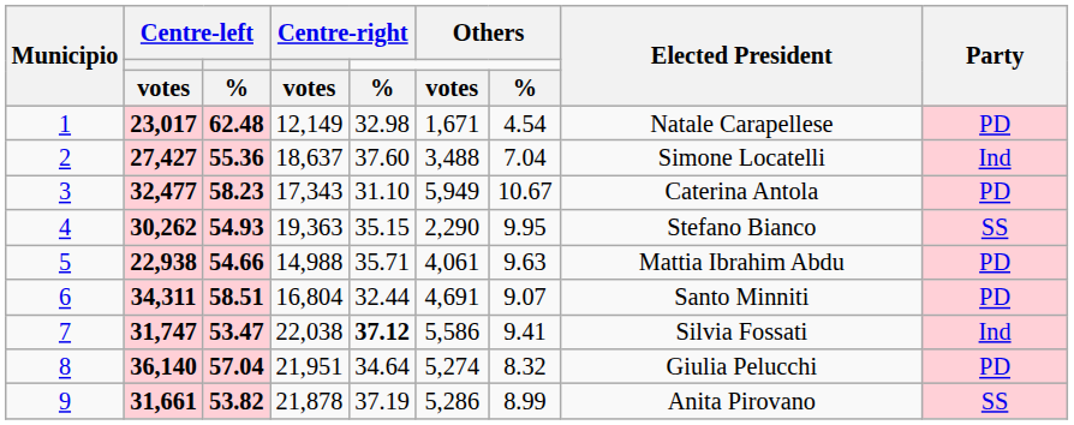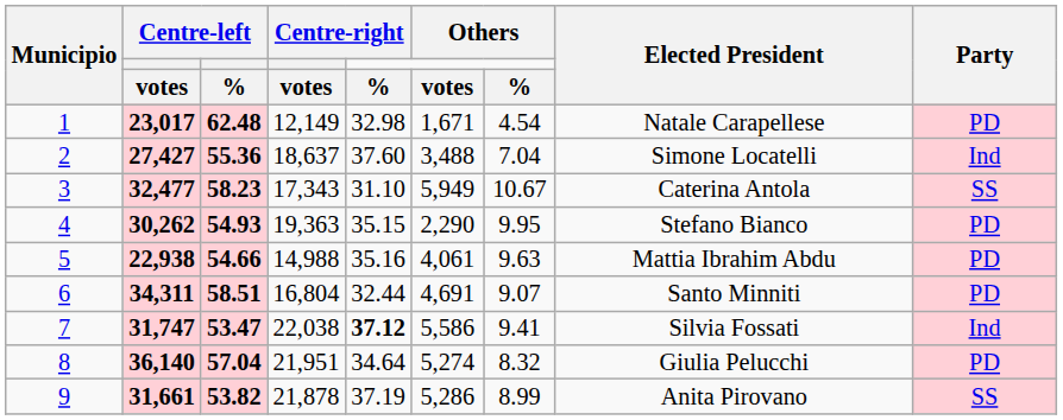 <table class="wikitable" style="text-align:center;font-size:85%;line-height:13px">
 <tr style="height:30px; background-color:#E9E9E9">
 <th style="width:50px;" rowspan="3">Municipio</th>
 <th style="width:75px;" colspan="2"><a href='#'>Centre-left</a></th>
 <th style="width:75px;" colspan="2"><a href='#'>Centre-right</a></th>
 <th style="width:75px;" colspan="2">Others</th>
 <th style="width:195px;" rowspan="3">Elected President</th>
 <th style="width:75px;" rowspan="3">Party</th>
 </tr>
 <tr>
 <th style="background:"></th>
 <th style="background:"></th>
 <th style="background:"></th>
 </tr>
 <tr>
 <th>votes</th>
 <th>%</th>
 <th>votes</th>
 <th>%</th>
 <th>votes</th>
 <th>%</th>
 </tr>
 <tr>
 <td><a href='#'>1</a></td>
 <td style="background:#FFD0D7"><strong>23,017</strong></td>
 <td style="background:#FFD0D7"><strong>62.48</strong></td>
 <td>12,149</td>
 <td>32.98</td>
 <td>1,671</td>
 <td>4.54</td>
 <td>Natale Carapellese</td>
 <td style="background:#FFD0D7"><a href='#'>PD</a></td>
 </tr>
 <tr>
 <td><a href='#'>2</a></td>
 <td style="background:#FFD0D7"><strong>27,427</strong></td>
 <td style="background:#FFD0D7"><strong>55.36</strong></td>
 <td>18,637</td>
 <td>37.60</td>
 <td>3,488</td>
 <td>7.04</td>
 <td>Simone Locatelli</td>
 <td style="background:#FFD0D7"><a href='#'>Ind</a></td>
 </tr>
 <tr>
 <td><a href='#'>3</a></td>
 <td style="background:#FFD0D7"><strong>32,477</strong></td>
 <td style="background:#FFD0D7"><strong>58.23</strong></td>
 <td>17,343</td>
 <td>31.10</td>
 <td>5,949</td>
 <td>10.67</td>
 <td>Caterina Antola</td>
-<td style="background:#FFD0D7"><a href='#'>PD</a></td>
+<td style="background:#FFD0D7"><a href='#'>SS</a></td>
 </tr>
 <tr>
 <td><a href='#'>4</a></td>
 <td style="background:#FFD0D7"><strong>30,262</strong></td>
 <td style="background:#FFD0D7"><strong>54.93</strong></td>
 <td>19,363</td>
 <td>35.15</td>
 <td>2,290</td>
 <td>9.95</td>
 <td>Stefano Bianco</td>
-<td style="background:#FFD0D7"><a href='#'>SS</a></td>
+<td style="background:#FFD0D7"><a href='#'>PD</a></td>
 </tr>
 <tr>
 <td><a href='#'>5</a></td>
 <td style="background:#FFD0D7"><strong>22,938</strong></td>
 <td style="background:#FFD0D7"><strong>54.66</strong></td>
 <td>14,988</td>
-<td>35.71</td>
+<td>35.16</td>
 <td>4,061</td>
 <td>9.63</td>
 <td>Mattia Ibrahim Abdu</td>
 <td style="background:#FFD0D7"><a href='#'>PD</a></td>
 </tr>
 <tr>
 <td><a href='#'>6</a></td>
 <td style="background:#FFD0D7"><strong>34,311</strong></td>
 <td style="background:#FFD0D7"><strong>58.51</strong></td>
 <td>16,804</td>
 <td>32.44</td>
 <td>4,691</td>
 <td>9.07</td>
 <td>Santo Minniti</td>
 <td style="background:#FFD0D7"><a href='#'>PD</a></td>
 </tr>
 <tr>
 <td><a href='#'>7</a></td>
 <td style="background:#FFD0D7"><strong>31,747</strong></td>
 <td style="background:#FFD0D7"><strong>53.47</strong></td>
 <td>22,038</td>
 <td><strong>37.12</strong></td>
 <td>5,586</td>
 <td>9.41</td>
 <td>Silvia Fossati</td>
 <td style="background:#FFD0D7"><a href='#'>Ind</a></td>
 </tr>
 <tr>
 <td><a href='#'>8</a></td>
 <td style="background:#FFD0D7"><strong>36,140</strong></td>
 <td style="background:#FFD0D7"><strong>57.04</strong></td>
 <td>21,951</td>
 <td>34.64</td>
 <td>5,274</td>
 <td>8.32</td>
 <td>Giulia Pelucchi</td>
 <td style="background:#FFD0D7"><a href='#'>PD</a></td>
 </tr>
 <tr>
 <td><a href='#'>9</a></td>
 <td style="background:#FFD0D7"><strong>31,661</strong></td>
 <td style="background:#FFD0D7"><strong>53.82</strong></td>
 <td>21,878</td>
 <td>37.19</td>
 <td>5,286</td>
 <td>8.99</td>
 <td>Anita Pirovano</td>
 <td style="background:#FFD0D7"><a href='#'>SS</a></td>
 </tr>
 </table>
